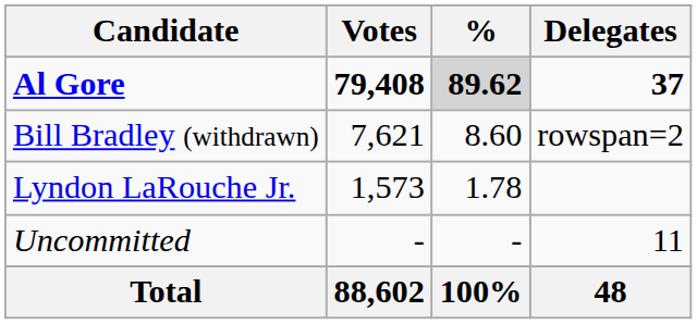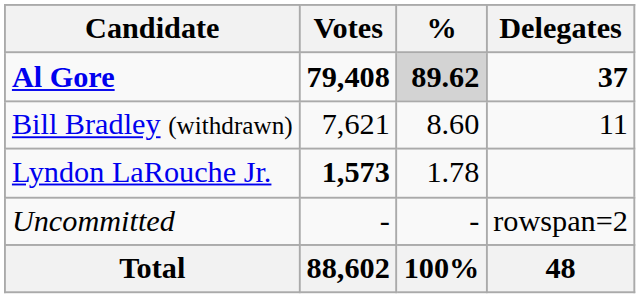 <table class="wikitable sortable" style="text-align:right;">
 <tr>
 <th>Candidate</th>
 <th>Votes</th>
 <th>%</th>
 <th>Delegates</th>
 </tr>
 <tr>
 <td style="text-align:left;" data-sort-value="Gore, Al"><strong><a href='#'>Al Gore</a></strong></td>
 <td><strong>79,408</strong></td>
 <td style="background: lightgrey;"><strong>89.62</strong></td>
 <td><strong>37</strong></td>
 </tr>
 <tr>
 <td style="text-align:left;" data-sort-value="Bradley, Bill"><a href='#'>Bill Bradley</a> <small>(withdrawn)</small></td>
 <td>7,621</td>
 <td>8.60</td>
-<td>rowspan=2 </td>
+<td>11</td>
 </tr>
 <tr>
 <td style="text-align:left;" data-sort-value="LaRouche Jr., Lyndon"><a href='#'>Lyndon LaRouche Jr.</a></td>
-<td>1,573</td>
+<td><strong>1,573</strong></td>
 <td>1.78</td>
 </tr>
 <tr>
 <td style="text-align:left;" data-sort-value="ZZZ"><em>Uncommitted</em></td>
 <td>-</td>
 <td>-</td>
-<td>11</td>
+<td>rowspan=2 </td>
 </tr>
 <tr>
 <th>Total</th>
 <th>88,602</th>
 <th>100%</th>
 <th>48</th>
 </tr>
 </table>
